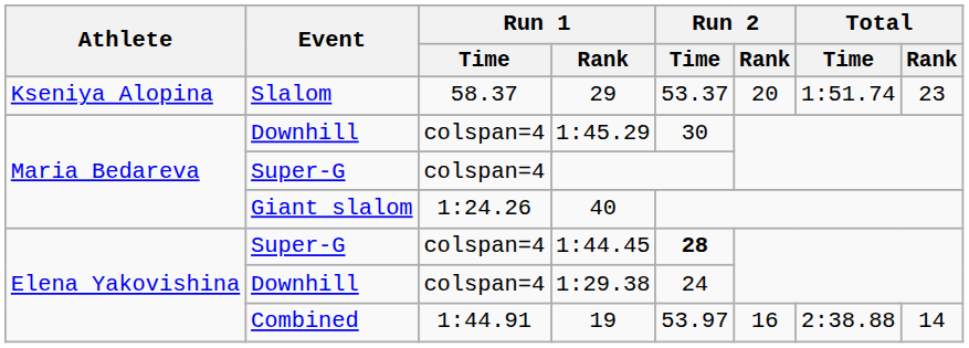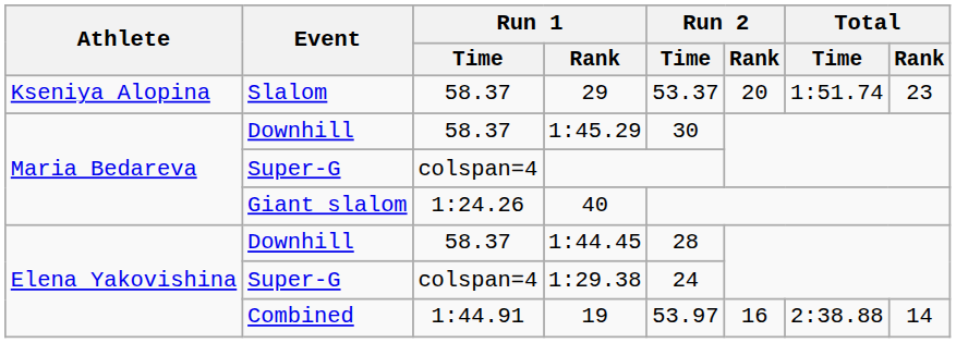 <table class="wikitable" style="font-size:90%">
 <tr>
 <th rowspan=2>Athlete</th>
 <th rowspan=2>Event</th>
 <th colspan=2>Run 1</th>
 <th colspan=2>Run 2</th>
 <th colspan=2>Total</th>
 </tr>
 <tr style="font-size:95%">
 <th>Time</th>
 <th>Rank</th>
 <th>Time</th>
 <th>Rank</th>
 <th>Time</th>
 <th>Rank</th>
 </tr>
 <tr align=center>
 <td align=left><a href='#'>Kseniya Alopina</a></td>
 <td align=left><a href='#'>Slalom</a></td>
 <td>58.37</td>
 <td>29</td>
 <td>53.37</td>
 <td>20</td>
 <td>1:51.74</td>
 <td>23</td>
 </tr>
 <tr align=center>
 <td align=left rowspan=3><a href='#'>Maria Bedareva</a></td>
 <td align=left><a href='#'>Downhill</a></td>
-<td>colspan=4 </td>
+<td>58.37</td>
 <td>1:45.29</td>
 <td>30</td>
 </tr>
 <tr align=center>
 <td align=left><a href='#'>Super-G</a></td>
 <td>colspan=4 </td>
 <td colspan=2></td>
 </tr>
 <tr align=center>
 <td align=left><a href='#'>Giant slalom</a></td>
 <td>1:24.26</td>
 <td>40</td>
 <td colspan=4></td>
 </tr>
 <tr align=center>
 <td align=left rowspan=3><a href='#'>Elena Yakovishina</a></td>
-<td align=left><a href='#'>Super-G</a></td>
-<td>colspan=4 </td>
+<td align=left><a href='#'>Downhill</a></td>
+<td>58.37</td>
 <td>1:44.45</td>
-<td><strong>28</strong></td>
+<td>28</td>
 </tr>
 <tr align=center>
-<td align=left><a href='#'>Downhill</a></td>
+<td align=left><a href='#'>Super-G</a></td>
 <td>colspan=4 </td>
 <td>1:29.38</td>
 <td>24</td>
 </tr>
 <tr align=center>
 <td align=left><a href='#'>Combined</a></td>
 <td>1:44.91</td>
 <td>19</td>
 <td>53.97</td>
 <td>16</td>
 <td>2:38.88</td>
 <td>14</td>
 </tr>
 </table>
